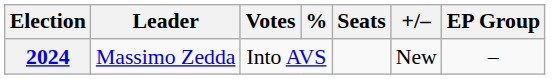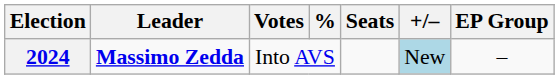 <table class="wikitable" style="text-align:center">
 <tr>
 <th>Election</th>
 <th>Leader</th>
 <th>Votes</th>
 <th>%</th>
 <th>Seats</th>
 <th>+/–</th>
 <th>EP Group</th>
 </tr>
 <tr>
 <th><a href='#'>2024</a></th>
-<td><a href='#'>Massimo Zedda</a></td>
+<td><strong><a href='#'>Massimo Zedda</a></strong></td>
 <td colspan="2">Into <a href='#'>AVS</a></td>
 <td></td>
-<td>New</td>
+<td style="background: lightblue;">New</td>
 <td>–</td>
 </tr>
 </table>
